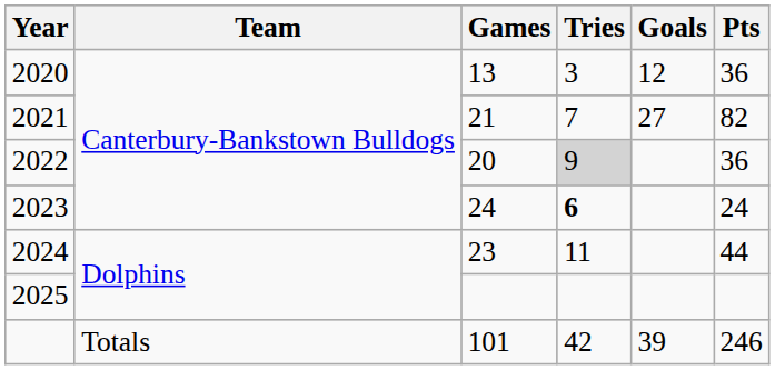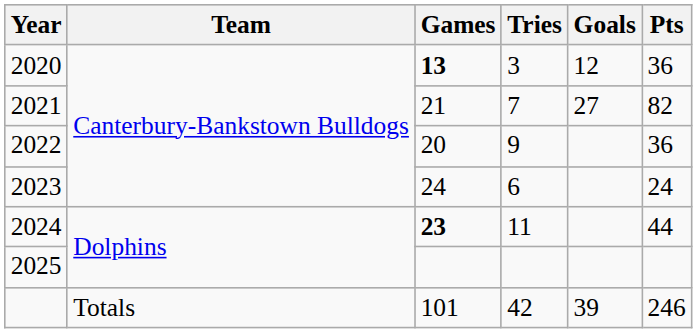 <table class="wikitable">
 <tr>
 <th>Year</th>
 <th>Team</th>
 <th>Games</th>
 <th>Tries</th>
 <th>Goals</th>
 <th>Pts</th>
 </tr>
 <tr>
 <td>2020</td>
 <td rowspan="4"> <a href='#'>Canterbury-Bankstown Bulldogs</a></td>
-<td>13</td>
+<td><strong>13</strong></td>
 <td>3</td>
 <td>12</td>
 <td>36</td>
 </tr>
 <tr>
 <td>2021</td>
 <td>21</td>
 <td>7</td>
 <td>27</td>
 <td>82</td>
 </tr>
 <tr>
 <td>2022</td>
 <td>20</td>
-<td style="background: lightgrey;">9</td>
+<td>9</td>
 <td></td>
 <td>36</td>
 </tr>
 <tr>
 <td>2023</td>
 <td>24</td>
-<td><strong>6</strong></td>
+<td>6</td>
 <td></td>
 <td>24</td>
 </tr>
 <tr>
 <td>2024</td>
 <td rowspan="2"> <a href='#'>Dolphins</a></td>
-<td>23</td>
+<td><strong>23</strong></td>
 <td>11</td>
 <td></td>
 <td>44</td>
 </tr>
 <tr>
 <td>2025</td>
 <td></td>
 <td></td>
 <td></td>
 <td></td>
 </tr>
 <tr>
 <td></td>
 <td>Totals</td>
 <td>101</td>
 <td>42</td>
 <td>39</td>
 <td>246</td>
 </tr>
 </table>
